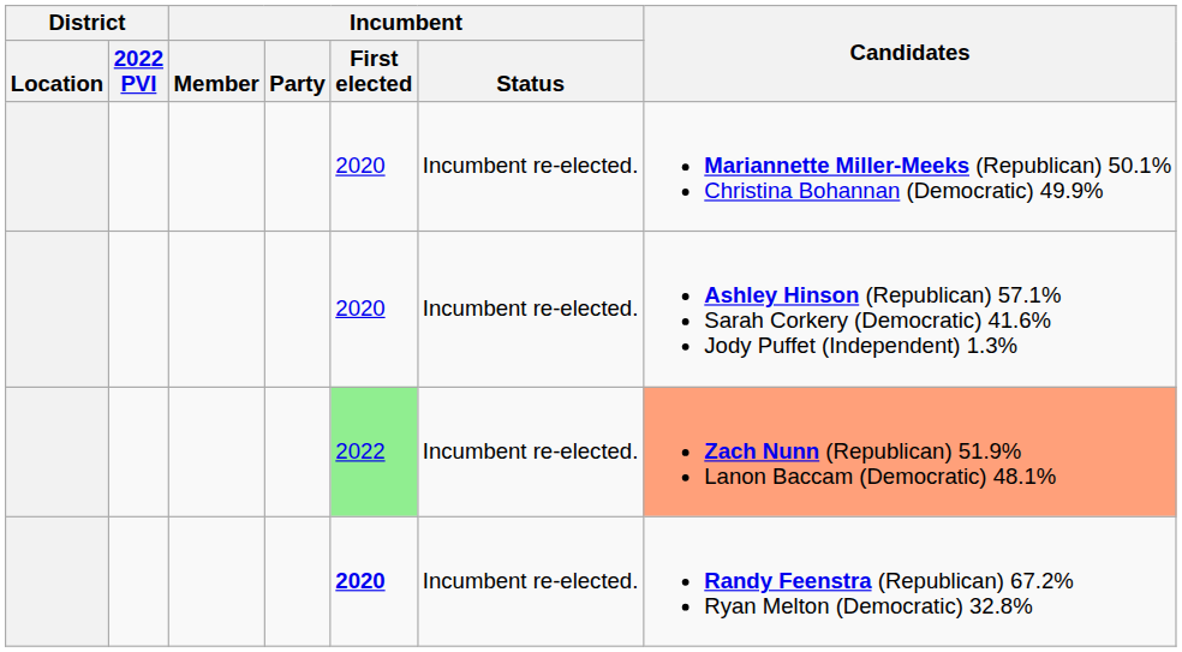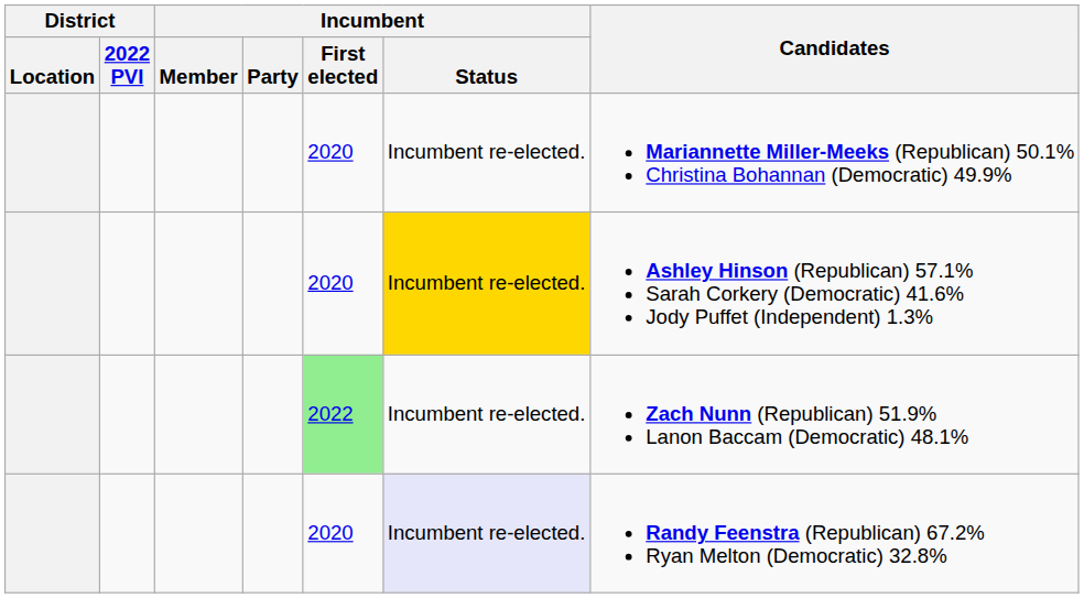 <table class="wikitable sortable">
 <tr>
 <th colspan=2>District</th>
 <th colspan=4>Incumbent</th>
 <th rowspan=2 class="unsortable">Candidates</th>
 </tr>
 <tr valign=bottom>
 <th>Location</th>
 <th><a href='#'>2022<br>PVI</a></th>
 <th>Member</th>
 <th>Party</th>
 <th>First<br>elected</th>
 <th>Status</th>
 </tr>
 <tr>
 <th></th>
 <td></td>
 <td></td>
 <td></td>
 <td><a href='#'>2020</a></td>
 <td>Incumbent re-elected.</td>
 <td nowrap><br><ul><li> <strong><a href='#'>Mariannette Miller-Meeks</a></strong> (Republican) 50.1%</li><li><a href='#'>Christina Bohannan</a> (Democratic) 49.9%</li></ul></td>
 </tr>
 <tr>
 <th></th>
 <td></td>
 <td></td>
 <td></td>
 <td><a href='#'>2020</a></td>
-<td>Incumbent re-elected.</td>
+<td style="background: gold;">Incumbent re-elected.</td>
 <td nowrap><br><ul><li> <strong><a href='#'>Ashley Hinson</a></strong> (Republican) 57.1%</li><li>Sarah Corkery (Democratic) 41.6%</li><li>Jody Puffet (Independent) 1.3%</li></ul></td>
 </tr>
 <tr>
 <th></th>
 <td></td>
 <td></td>
 <td></td>
 <td style="background: lightgreen;"><a href='#'>2022</a></td>
 <td>Incumbent re-elected.</td>
-<td nowrap style="background: lightsalmon;"><br><ul><li> <strong><a href='#'>Zach Nunn</a></strong> (Republican) 51.9%</li><li>Lanon Baccam (Democratic) 48.1%</li></ul></td>
+<td nowrap><br><ul><li> <strong><a href='#'>Zach Nunn</a></strong> (Republican) 51.9%</li><li>Lanon Baccam (Democratic) 48.1%</li></ul></td>
 </tr>
 <tr>
 <th></th>
 <td></td>
 <td></td>
 <td></td>
-<td><strong><a href='#'>2020</a></strong></td>
-<td>Incumbent re-elected.</td>
+<td><a href='#'>2020</a></td>
+<td style="background: lavender;">Incumbent re-elected.</td>
 <td nowrap><br><ul><li> <strong><a href='#'>Randy Feenstra</a></strong> (Republican) 67.2%</li><li>Ryan Melton (Democratic) 32.8%</li></ul></td>
 </tr>
 </table>
